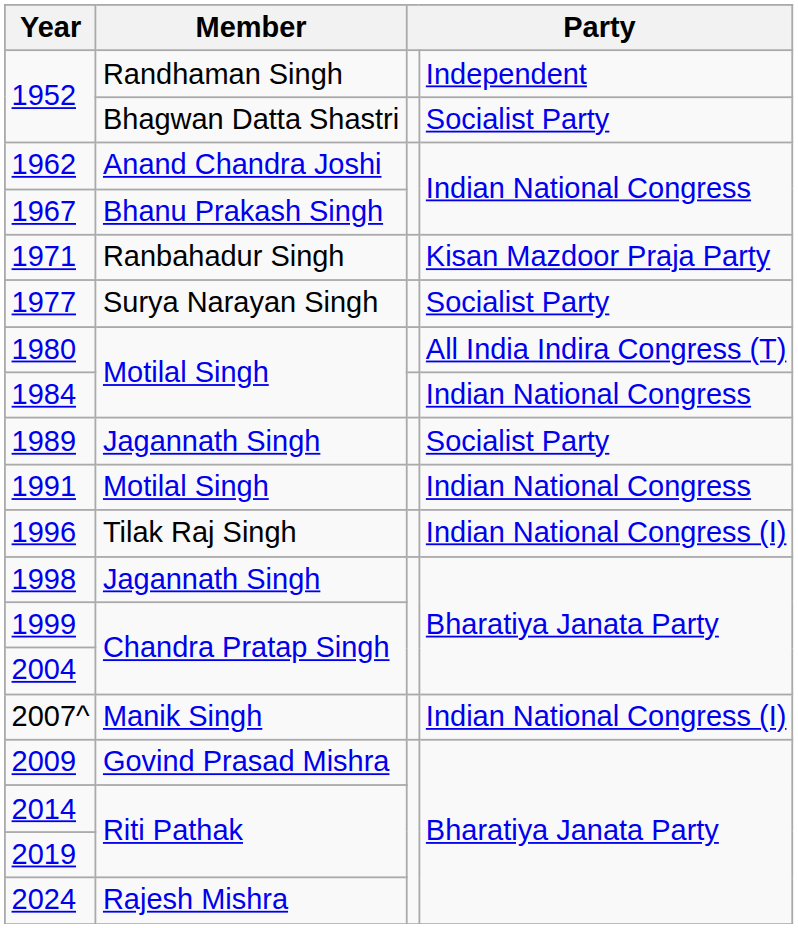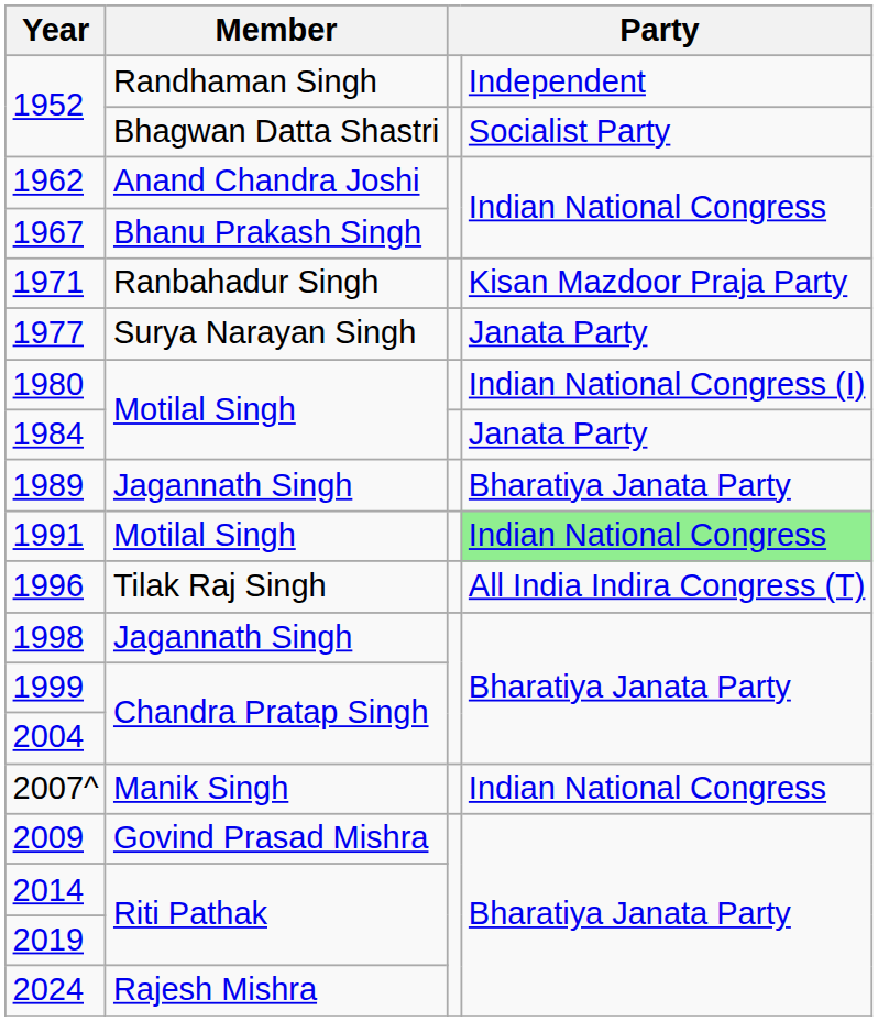 <table class="wikitable">
 <tr>
 <th>Year</th>
 <th>Member</th>
 <th colspan="2">Party</th>
 </tr>
 <tr>
 <td rowspan="2"><a href='#'>1952</a></td>
 <td>Randhaman Singh</td>
 <td style="background-color: "></td>
 <td><a href='#'>Independent</a></td>
 </tr>
 <tr>
 <td>Bhagwan Datta Shastri</td>
 <td style="background-color: "></td>
 <td><a href='#'>Socialist Party</a></td>
 </tr>
 <tr>
 <td><a href='#'>1962</a></td>
 <td><a href='#'>Anand Chandra Joshi</a></td>
 <td rowspan="2" style="background-color: "></td>
 <td rowspan="2"><a href='#'>Indian National Congress</a></td>
 </tr>
 <tr>
 <td><a href='#'>1967</a></td>
 <td><a href='#'>Bhanu Prakash Singh</a></td>
 </tr>
 <tr>
 <td><a href='#'>1971</a></td>
 <td>Ranbahadur Singh</td>
 <td style="background-color: "></td>
 <td><a href='#'>Kisan Mazdoor Praja Party</a></td>
 </tr>
 <tr>
 <td><a href='#'>1977</a></td>
 <td>Surya Narayan Singh</td>
 <td style="background-color: "></td>
-<td><a href='#'>Socialist Party</a></td>
+<td><a href='#'>Janata Party</a></td>
 </tr>
 <tr>
 <td><a href='#'>1980</a></td>
 <td rowspan="2"><a href='#'>Motilal Singh</a></td>
 <td style="background-color: "></td>
-<td><a href='#'>All India Indira Congress (T)</a></td>
+<td><a href='#'>Indian National Congress (I)</a></td>
 </tr>
 <tr>
 <td><a href='#'>1984</a></td>
 <td style="background-color: "></td>
-<td><a href='#'>Indian National Congress</a></td>
+<td><a href='#'>Janata Party</a></td>
 </tr>
 <tr>
 <td><a href='#'>1989</a></td>
 <td><a href='#'>Jagannath Singh</a></td>
 <td style="background-color: "></td>
-<td><a href='#'>Socialist Party</a></td>
+<td><a href='#'>Bharatiya Janata Party</a></td>
 </tr>
 <tr>
 <td><a href='#'>1991</a></td>
 <td><a href='#'>Motilal Singh</a></td>
 <td style="background-color: "></td>
-<td><a href='#'>Indian National Congress</a></td>
+<td style="background: lightgreen;"><a href='#'>Indian National Congress</a></td>
 </tr>
 <tr>
 <td><a href='#'>1996</a></td>
 <td>Tilak Raj Singh</td>
 <td style="background-color: "></td>
-<td><a href='#'>Indian National Congress (I)</a></td>
+<td><a href='#'>All India Indira Congress (T)</a></td>
 </tr>
 <tr>
 <td><a href='#'>1998</a></td>
 <td><a href='#'>Jagannath Singh</a></td>
 <td rowspan="3" style="background-color: "></td>
 <td rowspan="3"><a href='#'>Bharatiya Janata Party</a></td>
 </tr>
 <tr>
 <td><a href='#'>1999</a></td>
 <td rowspan="2"><a href='#'>Chandra Pratap Singh</a></td>
 </tr>
 <tr>
 <td><a href='#'>2004</a></td>
 </tr>
 <tr>
 <td>2007^</td>
 <td><a href='#'>Manik Singh</a></td>
 <td style="background-color: "></td>
-<td><a href='#'>Indian National Congress (I)</a></td>
+<td><a href='#'>Indian National Congress</a></td>
 </tr>
 <tr>
 <td><a href='#'>2009</a></td>
 <td><a href='#'>Govind Prasad Mishra</a></td>
 <td rowspan="4" style="background-color: "></td>
 <td rowspan="4"><a href='#'>Bharatiya Janata Party</a></td>
 </tr>
 <tr>
 <td><a href='#'>2014</a></td>
 <td rowspan="2"><a href='#'>Riti Pathak</a></td>
 </tr>
 <tr>
 <td><a href='#'>2019</a></td>
 </tr>
 <tr>
 <td><a href='#'>2024</a></td>
 <td><a href='#'>Rajesh Mishra</a></td>
 </tr>
 <tr>
 </tr>
 </table>
